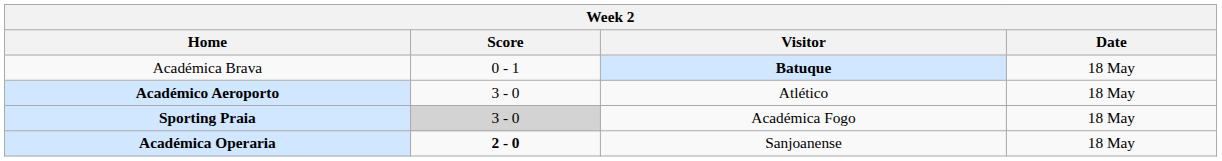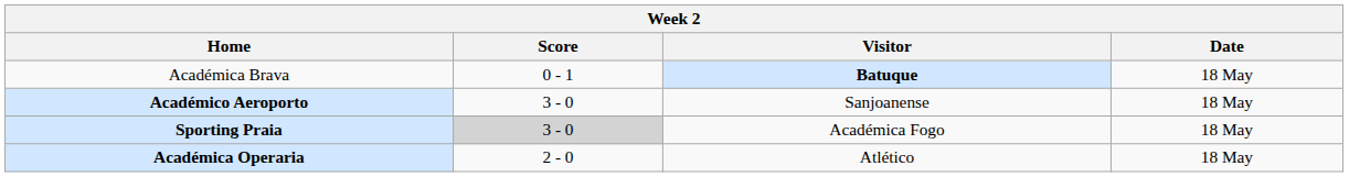 <table class="wikitable" style="font-size:95%; text-align: center; width: 95%;">
 <tr>
 <th colspan="12" style="with: 100%;" align=center>Week 2</th>
 </tr>
 <tr>
 <th width="200">Home</th>
 <th width="90">Score</th>
 <th width="200">Visitor</th>
 <th width="100">Date</th>
 </tr>
 <tr align=center>
 <td>Académica Brava</td>
 <td>0 - 1</td>
 <td bgcolor=#D0E7FF><strong>Batuque</strong></td>
 <td>18 May</td>
 </tr>
 <tr align=center>
 <td bgcolor=#D0E7FF><strong>Académico Aeroporto</strong></td>
 <td>3 - 0</td>
-<td>Atlético</td>
+<td>Sanjoanense</td>
 <td>18 May</td>
 </tr>
 <tr align=center>
 <td bgcolor=#D0E7FF><strong>Sporting Praia</strong></td>
 <td style="background: lightgrey;">3 - 0</td>
 <td>Académica Fogo</td>
 <td>18 May</td>
 </tr>
 <tr align=center>
 <td bgcolor=#D0E7FF><strong>Académica Operaria</strong></td>
-<td><strong>2 - 0</strong></td>
-<td>Sanjoanense</td>
+<td>2 - 0</td>
+<td>Atlético</td>
 <td>18 May</td>
 </tr>
 </table>
